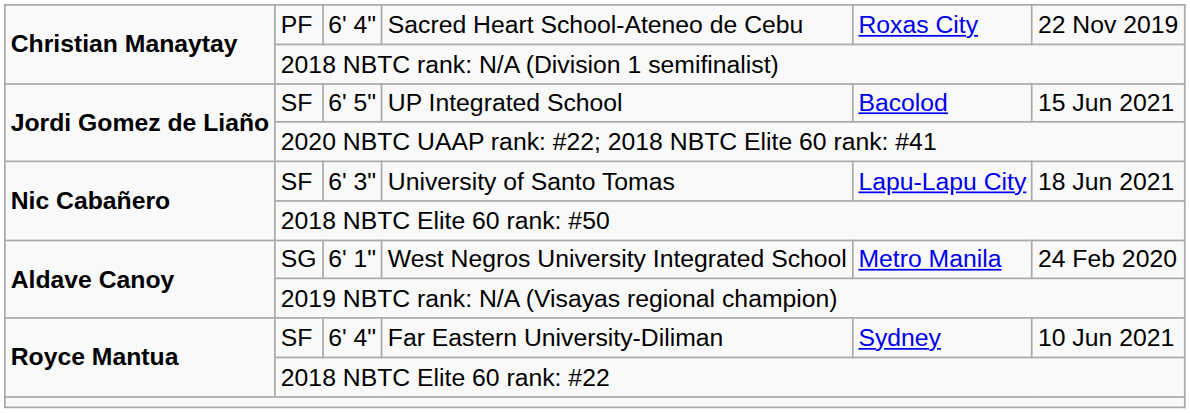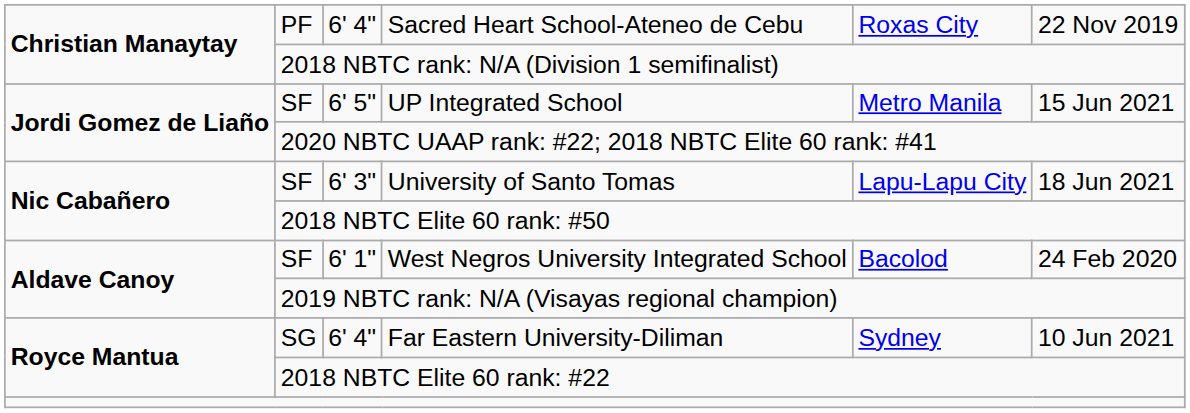 <table class=wikitable style="font-size:90%">
 <tr>
 <td rowspan=2><strong>Christian Manaytay</strong></td>
 <td>PF</td>
 <td>6' 4"</td>
 <td>Sacred Heart School-Ateneo de Cebu</td>
 <td><a href='#'>Roxas City</a></td>
 <td>22 Nov 2019</td>
 </tr>
 <tr>
 <td colspan=5>2018 NBTC rank: N/A (Division 1 semifinalist)</td>
 </tr>
 <tr>
 <td rowspan=2><strong>Jordi Gomez de Liaño</strong></td>
 <td>SF</td>
 <td>6' 5"</td>
 <td>UP Integrated School</td>
-<td><a href='#'>Bacolod</a></td>
+<td><a href='#'>Metro Manila</a></td>
 <td>15 Jun 2021</td>
 </tr>
 <tr>
 <td colspan=5>2020 NBTC UAAP rank: #22; 2018 NBTC Elite 60 rank: #41</td>
 </tr>
 <tr>
 <td rowspan=2><strong>Nic Cabañero</strong></td>
 <td>SF</td>
 <td>6' 3"</td>
 <td>University of Santo Tomas</td>
 <td><a href='#'>Lapu-Lapu City</a></td>
 <td>18 Jun 2021</td>
 </tr>
 <tr>
 <td colspan=5>2018 NBTC Elite 60 rank: #50</td>
 </tr>
 <tr>
 <td rowspan=2><strong>Aldave Canoy</strong></td>
-<td>SG</td>
+<td>SF</td>
 <td>6' 1"</td>
 <td>West Negros University Integrated School</td>
-<td><a href='#'>Metro Manila</a></td>
+<td><a href='#'>Bacolod</a></td>
 <td>24 Feb 2020</td>
 </tr>
 <tr>
 <td colspan=5>2019 NBTC rank: N/A (Visayas regional champion)</td>
 </tr>
 <tr>
 <td rowspan=2><strong>Royce Mantua</strong></td>
-<td>SF</td>
+<td>SG</td>
 <td>6' 4"</td>
 <td>Far Eastern University-Diliman</td>
 <td><a href='#'>Sydney</a></td>
 <td>10 Jun 2021</td>
 </tr>
 <tr>
 <td colspan=5>2018 NBTC Elite 60 rank: #22</td>
 </tr>
 <tr>
 <td colspan=6></td>
 </tr>
 </table>
